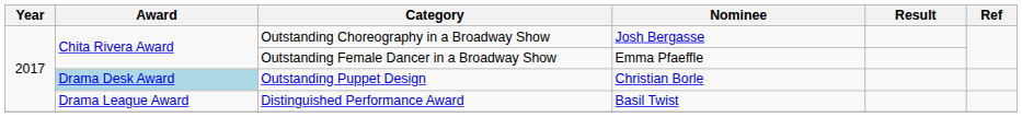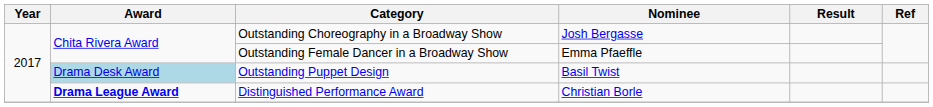 <table class="wikitable" width="95%">
 <tr>
 <th width="5%">Year</th>
 <th width="20%">Award</th>
 <th width="35%">Category</th>
 <th width="25%">Nominee</th>
 <th width="10%">Result</th>
 <th width="5%">Ref</th>
 </tr>
 <tr>
 <td rowspan="4" align="center">2017</td>
 <td rowspan="2"><a href='#'>Chita Rivera Award</a></td>
 <td colspan="1">Outstanding Choreography in a Broadway Show</td>
 <td colspan="1"><a href='#'>Josh Bergasse</a></td>
 <td></td>
 <td rowspan="2" align="center"></td>
 </tr>
 <tr>
 <td colspan="1">Outstanding Female Dancer in a Broadway Show</td>
 <td colspan="1">Emma Pfaeffle</td>
 <td></td>
 </tr>
 <tr>
 <td rowspan="1" style="background: lightblue;"><a href='#'>Drama Desk Award</a></td>
 <td colspan="1"><a href='#'>Outstanding Puppet Design</a></td>
-<td colspan="1"><a href='#'>Christian Borle</a></td>
+<td><a href='#'>Basil Twist</a></td>
 <td></td>
 <td></td>
 </tr>
 <tr>
-<td rowspan="1"><a href='#'>Drama League Award</a></td>
+<td rowspan="1"><strong><a href='#'>Drama League Award</a></strong></td>
 <td colspan="1"><a href='#'>Distinguished Performance Award</a></td>
-<td><a href='#'>Basil Twist</a></td>
+<td colspan="1"><a href='#'>Christian Borle</a></td>
 <td></td>
 <td></td>
 </tr>
 <tr>
 </tr>
 </table>
